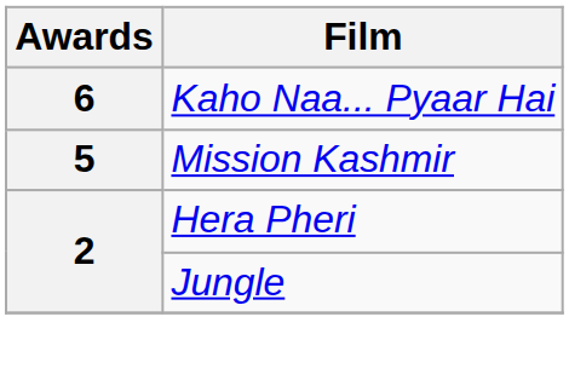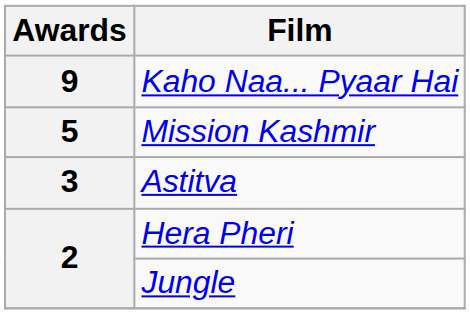 <table class="wikitable" style="display:inline-table;">
 <tr>
 <th>Awards</th>
 <th>Film</th>
 </tr>
 <tr>
-<th>6</th>
+<th>9</th>
 <td><em><a href='#'>Kaho Naa... Pyaar Hai</a></em></td>
 </tr>
 <tr>
 <th>5</th>
 <td><em><a href='#'>Mission Kashmir</a></em></td>
+</tr>
+<tr>
+<th>3</th>
+<td><em><a href='#'>Astitva</a></em></td>
 </tr>
 <tr>
 <th rowspan="2">2</th>
 <td><em><a href='#'>Hera Pheri</a></em></td>
 </tr>
 <tr>
 <td><em><a href='#'>Jungle</a></em></td>
 </tr>
 <tr>
 </tr>
 </table>
